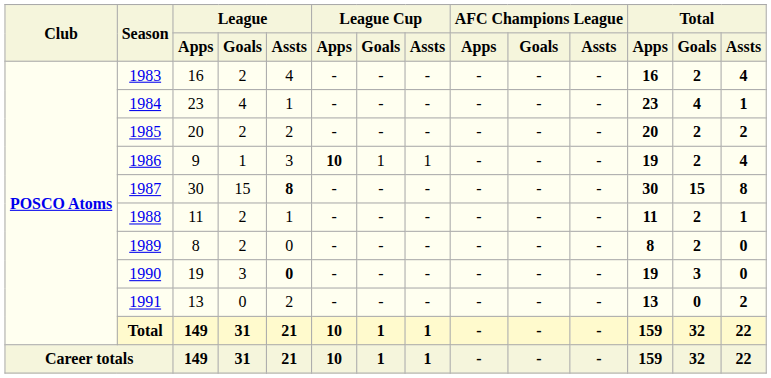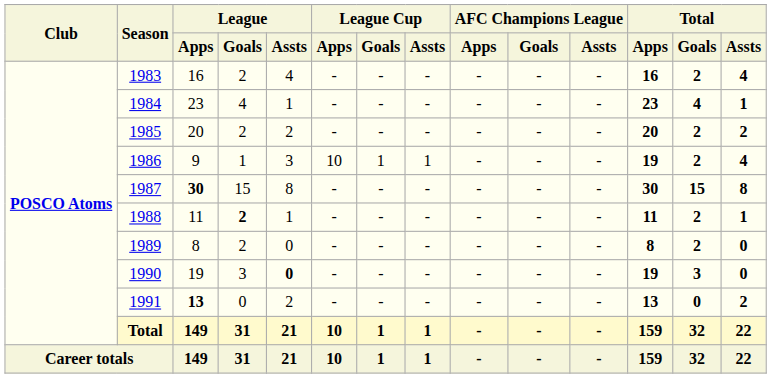 <table border=1 align=center cellpadding=4 cellspacing=2 style="background: ivory; font-size: 95%; border: 1px #aaaaaa solid; border-collapse: collapse; clear:center">
 <tr style="background:beige">
 <th rowspan="2">Club</th>
 <th rowspan="2">Season</th>
 <th colspan="3">League</th>
 <th colspan="3">League Cup</th>
 <th colspan="3">AFC Champions League</th>
 <th colspan="3">Total</th>
 </tr>
 <tr style="background:beige">
 <th>Apps</th>
 <th>Goals</th>
 <th>Assts</th>
 <th>Apps</th>
 <th>Goals</th>
 <th>Assts</th>
 <th>Apps</th>
 <th>Goals</th>
 <th>Assts</th>
 <th>Apps</th>
 <th>Goals</th>
 <th>Assts</th>
 </tr>
 <tr>
 <td rowspan="10" align=center valign=center><strong><a href='#'>POSCO Atoms</a></strong></td>
 <td align="center"><a href='#'>1983</a></td>
 <td align="center">16</td>
 <td align="center">2</td>
 <td align="center">4</td>
 <td align="center">-</td>
 <td align="center">-</td>
 <td align="center">-</td>
 <td align="center">-</td>
 <td align="center">-</td>
 <td align="center">-</td>
 <th>16</th>
 <th>2</th>
 <th>4</th>
 </tr>
 <tr>
 <td align="center"><a href='#'>1984</a></td>
 <td align="center">23</td>
 <td align="center">4</td>
 <td align="center">1</td>
 <td align="center">-</td>
 <td align="center">-</td>
 <td align="center">-</td>
 <td align="center">-</td>
 <td align="center">-</td>
 <td align="center">-</td>
 <th>23</th>
 <th>4</th>
 <th>1</th>
 </tr>
 <tr>
 <td align="center"><a href='#'>1985</a></td>
 <td align="center">20</td>
 <td align="center">2</td>
 <td align="center">2</td>
 <td align="center">-</td>
 <td align="center">-</td>
 <td align="center">-</td>
 <td align="center">-</td>
 <td align="center">-</td>
 <td align="center">-</td>
 <th>20</th>
 <th>2</th>
 <th>2</th>
 </tr>
 <tr>
 <td align="center"><a href='#'>1986</a></td>
 <td align="center">9</td>
 <td align="center">1</td>
 <td align="center">3</td>
-<td align="center"><strong>10</strong></td>
+<td align="center">10</td>
 <td align="center">1</td>
 <td align="center">1</td>
 <td align="center">-</td>
 <td align="center">-</td>
 <td align="center">-</td>
 <th>19</th>
 <th>2</th>
 <th>4</th>
 </tr>
 <tr>
 <td align="center"><a href='#'>1987</a></td>
-<td align="center">30</td>
+<td align="center"><strong>30</strong></td>
 <td align="center">15</td>
-<td align="center"><strong>8</strong></td>
+<td align="center">8</td>
 <td align="center">-</td>
 <td align="center">-</td>
 <td align="center">-</td>
 <td align="center">-</td>
 <td align="center">-</td>
 <td align="center">-</td>
 <th>30</th>
 <th>15</th>
 <th>8</th>
 </tr>
 <tr>
 <td align="center"><a href='#'>1988</a></td>
 <td align="center">11</td>
-<td align="center">2</td>
+<td align="center"><strong>2</strong></td>
 <td align="center">1</td>
 <td align="center">-</td>
 <td align="center">-</td>
 <td align="center">-</td>
 <td align="center">-</td>
 <td align="center">-</td>
 <td align="center">-</td>
 <th>11</th>
 <th>2</th>
 <th>1</th>
 </tr>
 <tr>
 <td align="center"><a href='#'>1989</a></td>
 <td align="center">8</td>
 <td align="center">2</td>
 <td align="center">0</td>
 <td align="center">-</td>
 <td align="center">-</td>
 <td align="center">-</td>
 <td align="center">-</td>
 <td align="center">-</td>
 <td align="center">-</td>
 <th>8</th>
 <th>2</th>
 <th>0</th>
 </tr>
 <tr>
 <td align="center"><a href='#'>1990</a></td>
 <td align="center">19</td>
 <td align="center">3</td>
 <td align="center"><strong>0</strong></td>
 <td align="center">-</td>
 <td align="center">-</td>
 <td align="center">-</td>
 <td align="center">-</td>
 <td align="center">-</td>
 <td align="center">-</td>
 <th>19</th>
 <th>3</th>
 <th>0</th>
 </tr>
 <tr>
 <td align="center"><a href='#'>1991</a></td>
-<td align="center">13</td>
+<td align="center"><strong>13</strong></td>
 <td align="center">0</td>
 <td align="center">2</td>
 <td align="center">-</td>
 <td align="center">-</td>
 <td align="center">-</td>
 <td align="center">-</td>
 <td align="center">-</td>
 <td align="center">-</td>
 <th>13</th>
 <th>0</th>
 <th>2</th>
 </tr>
 <tr style="background:lemonchiffon">
 <th>Total</th>
 <th>149</th>
 <th>31</th>
 <th>21</th>
 <th>10</th>
 <th>1</th>
 <th>1</th>
 <th>-</th>
 <th>-</th>
 <th>-</th>
 <th>159</th>
 <th>32</th>
 <th>22</th>
 </tr>
 <tr style="background:beige">
 <th colspan="2">Career totals</th>
 <th>149</th>
 <th>31</th>
 <th>21</th>
 <th>10</th>
 <th>1</th>
 <th>1</th>
 <th>-</th>
 <th>-</th>
 <th>-</th>
 <th>159</th>
 <th>32</th>
 <th>22</th>
 </tr>
 </table>
